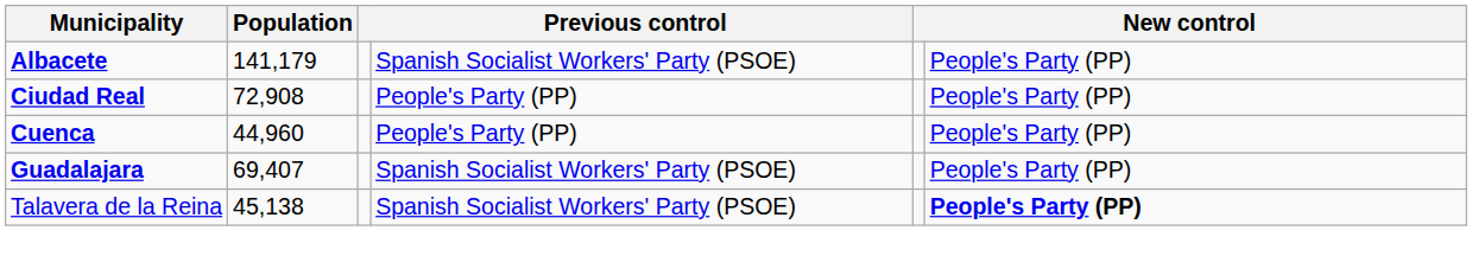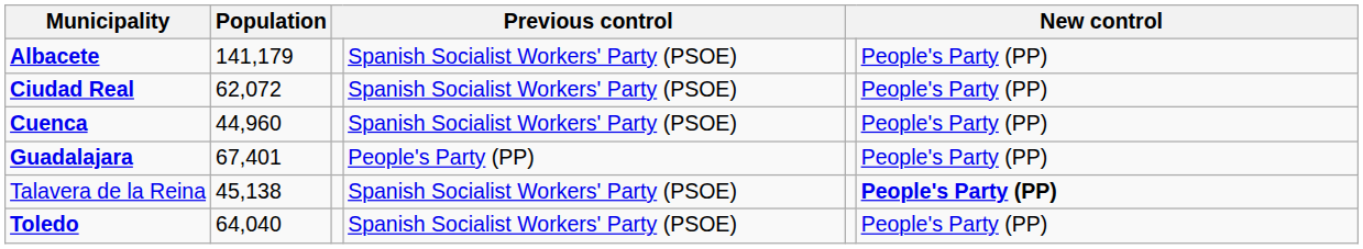 <table class="wikitable sortable">
 <tr>
 <th>Municipality</th>
 <th>Population</th>
 <th colspan="2" style="width:375px;">Previous control</th>
 <th colspan="2" style="width:375px;">New control</th>
 </tr>
 <tr>
 <td><strong><a href='#'>Albacete</a></strong></td>
 <td>141,179</td>
 <td width="1" style="color:inherit;background:"></td>
 <td><a href='#'>Spanish Socialist Workers' Party</a> (PSOE)</td>
 <td width="1" style="color:inherit;background:"></td>
 <td><a href='#'>People's Party</a> (PP)</td>
 </tr>
 <tr>
 <td><strong><a href='#'>Ciudad Real</a></strong></td>
-<td>72,908</td>
+<td>62,072</td>
 <td style="color:inherit;background:"></td>
-<td><a href='#'>People's Party</a> (PP)</td>
+<td><a href='#'>Spanish Socialist Workers' Party</a> (PSOE)</td>
 <td style="color:inherit;background:"></td>
 <td><a href='#'>People's Party</a> (PP)</td>
 </tr>
 <tr>
 <td><strong><a href='#'>Cuenca</a></strong></td>
 <td>44,960</td>
 <td style="color:inherit;background:"></td>
-<td><a href='#'>People's Party</a> (PP)</td>
+<td><a href='#'>Spanish Socialist Workers' Party</a> (PSOE)</td>
 <td style="color:inherit;background:"></td>
 <td><a href='#'>People's Party</a> (PP)</td>
 </tr>
 <tr>
 <td><strong><a href='#'>Guadalajara</a></strong></td>
-<td>69,407</td>
+<td>67,401</td>
 <td style="color:inherit;background:"></td>
-<td><a href='#'>Spanish Socialist Workers' Party</a> (PSOE)</td>
+<td><a href='#'>People's Party</a> (PP)</td>
 <td style="color:inherit;background:"></td>
 <td><a href='#'>People's Party</a> (PP)</td>
 </tr>
 <tr>
 <td><a href='#'>Talavera de la Reina</a></td>
 <td>45,138</td>
 <td style="color:inherit;background:"></td>
 <td><a href='#'>Spanish Socialist Workers' Party</a> (PSOE)</td>
 <td style="color:inherit;background:"></td>
 <td><strong><a href='#'>People's Party</a> (PP)</strong></td>
 </tr>
+<tr>
+<td><strong><a href='#'>Toledo</a></strong></td>
+<td>64,040</td>
+<td style="color:inherit;background:"></td>
+<td><a href='#'>Spanish Socialist Workers' Party</a> (PSOE)</td>
+<td style="color:inherit;background:"></td>
+<td><a href='#'>People's Party</a> (PP)</td>
+</tr>
 </table>
